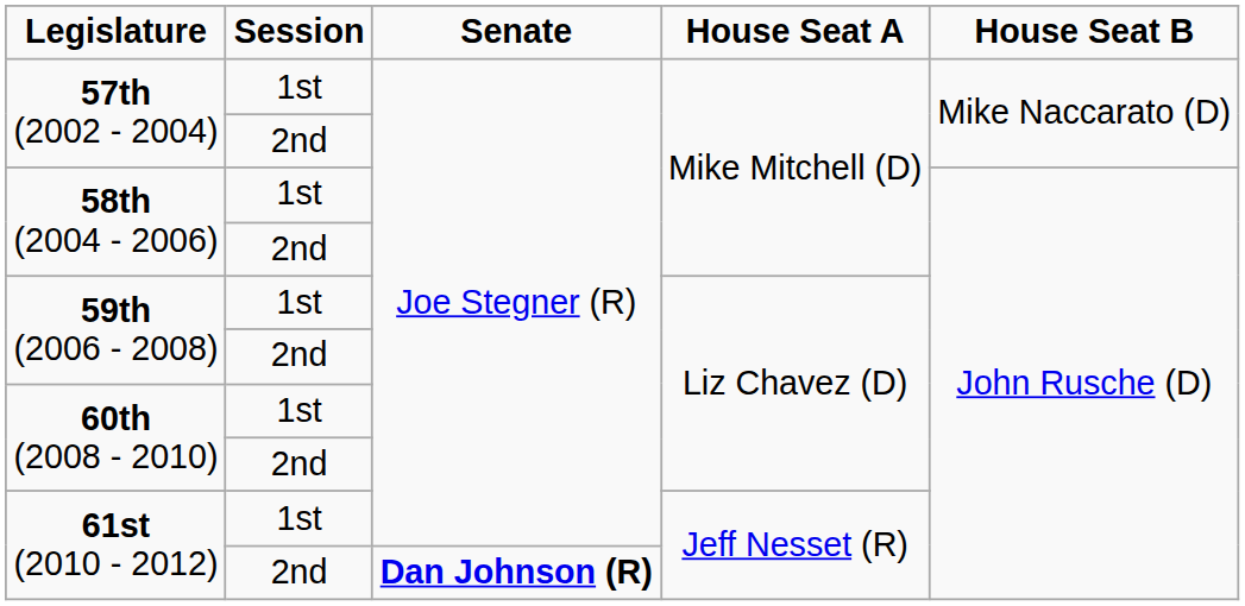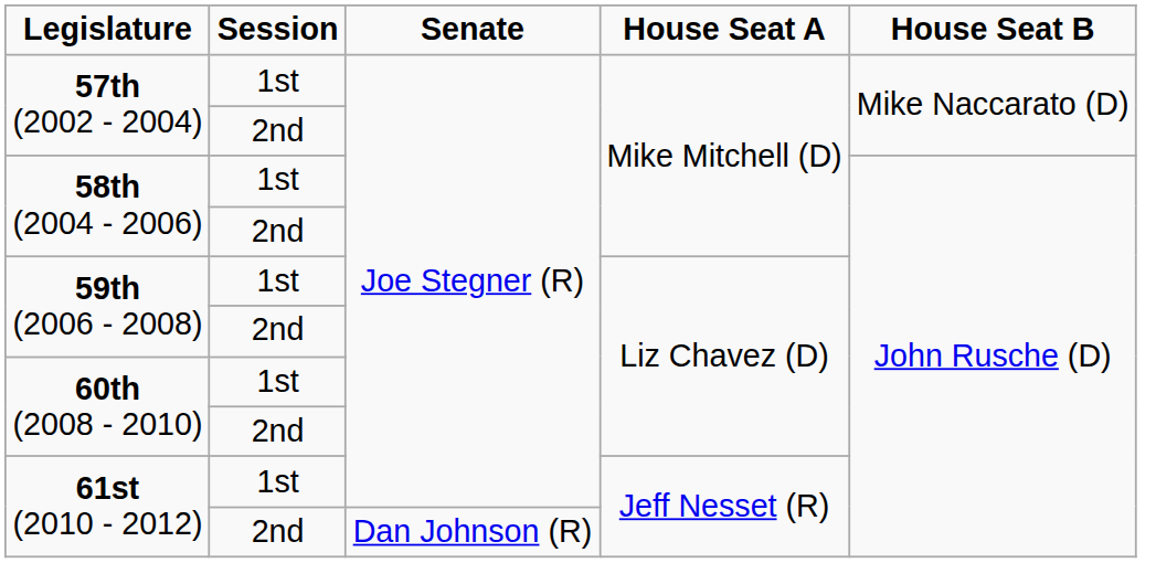 <table class=wikitable style="text-align:center">
 <tr>
 <td><strong>Legislature</strong></td>
 <td><strong>Session</strong></td>
 <td><strong>Senate</strong></td>
 <td><strong>House Seat A</strong></td>
 <td><strong>House Seat B</strong></td>
 </tr>
 <tr>
 <td rowspan="2" colspan="1" style="text-align: center;"><strong>57th</strong> <br> (2002 - 2004)</td>
 <td>1st</td>
 <td rowspan="9" colspan="1" style="text-align: center;" ><a href='#'>Joe Stegner</a> (R)</td>
 <td rowspan="4" colspan="1" style="text-align: center;" >Mike Mitchell (D)</td>
 <td rowspan="2" colspan="1" style="text-align: center;" >Mike Naccarato (D)</td>
 </tr>
 <tr>
 <td>2nd</td>
 </tr>
 <tr>
 <td rowspan="2" colspan="1" style="text-align: center;"><strong>58th</strong> <br> (2004 - 2006)</td>
 <td>1st</td>
 <td rowspan="8" colspan="1" style="text-align: center;" ><a href='#'>John Rusche</a> (D)</td>
 </tr>
 <tr>
 <td>2nd</td>
 </tr>
 <tr>
 <td rowspan="2" colspan="1" style="text-align: center;"><strong>59th</strong> <br> (2006 - 2008)</td>
 <td>1st</td>
 <td rowspan="4" colspan="1" style="text-align: center;" >Liz Chavez (D)</td>
 </tr>
 <tr>
 <td>2nd</td>
 </tr>
 <tr>
 <td rowspan="2" colspan="1" style="text-align: center;"><strong>60th</strong> <br> (2008 - 2010)</td>
 <td>1st</td>
 </tr>
 <tr>
 <td>2nd</td>
 </tr>
 <tr>
 <td rowspan="2" colspan="1" style="text-align: center;"><strong>61st</strong> <br> (2010 - 2012)</td>
 <td>1st</td>
 <td rowspan="2" colspan="1" style="text-align: center;" ><a href='#'>Jeff Nesset</a> (R)</td>
 </tr>
 <tr>
 <td>2nd</td>
-<td rowspan="1" colspan="1" style="text-align: center;" ><strong><a href='#'>Dan Johnson</a> (R)</strong></td>
+<td rowspan="1" colspan="1" style="text-align: center;" ><a href='#'>Dan Johnson</a> (R)</td>
 </tr>
 </table>
